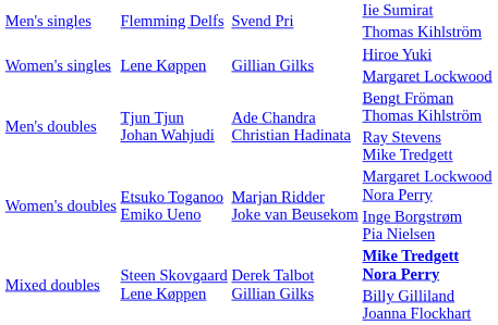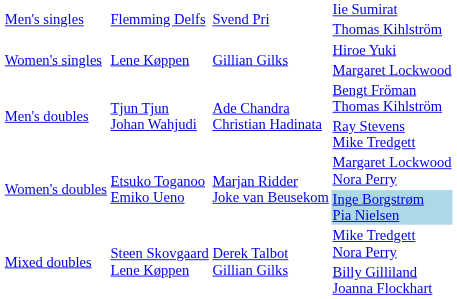 <table>
 <tr>
 <td rowspan="2"><a href='#'>Men's singles</a></td>
 <td rowspan="2"> <a href='#'>Flemming Delfs</a></td>
 <td rowspan="2"> <a href='#'>Svend Pri</a></td>
 <td> <a href='#'>Iie Sumirat</a></td>
 </tr>
 <tr>
 <td> <a href='#'>Thomas Kihlström</a></td>
 </tr>
 <tr>
 <td rowspan="2"><a href='#'>Women's singles</a></td>
 <td rowspan="2"> <a href='#'>Lene Køppen</a></td>
 <td rowspan="2"> <a href='#'>Gillian Gilks</a></td>
 <td> <a href='#'>Hiroe Yuki</a></td>
 </tr>
 <tr>
 <td> <a href='#'>Margaret Lockwood</a></td>
 </tr>
 <tr>
 <td rowspan="2"><a href='#'>Men's doubles</a></td>
 <td rowspan="2"> <a href='#'>Tjun Tjun</a><br> <a href='#'>Johan Wahjudi</a></td>
 <td rowspan="2"> <a href='#'>Ade Chandra</a><br> <a href='#'>Christian Hadinata</a></td>
 <td> <a href='#'>Bengt Fröman</a><br> <a href='#'>Thomas Kihlström</a></td>
 </tr>
 <tr>
 <td> <a href='#'>Ray Stevens</a><br> <a href='#'>Mike Tredgett</a></td>
 </tr>
 <tr>
 <td rowspan="2"><a href='#'>Women's doubles</a></td>
 <td rowspan="2"> <a href='#'>Etsuko Toganoo</a><br> <a href='#'>Emiko Ueno</a></td>
 <td rowspan="2"> <a href='#'>Marjan Ridder</a><br> <a href='#'>Joke van Beusekom</a></td>
 <td> <a href='#'>Margaret Lockwood</a><br> <a href='#'>Nora Perry</a></td>
 </tr>
 <tr>
-<td> <a href='#'>Inge Borgstrøm</a><br> <a href='#'>Pia Nielsen</a></td>
+<td style="background: lightblue;"> <a href='#'>Inge Borgstrøm</a><br> <a href='#'>Pia Nielsen</a></td>
 </tr>
 <tr>
 <td rowspan="2"><a href='#'>Mixed doubles</a></td>
 <td rowspan="2"> <a href='#'>Steen Skovgaard</a><br> <a href='#'>Lene Køppen</a></td>
 <td rowspan="2"> <a href='#'>Derek Talbot</a><br> <a href='#'>Gillian Gilks</a></td>
-<td><strong> <a href='#'>Mike Tredgett</a><br> <a href='#'>Nora Perry</a></strong></td>
+<td> <a href='#'>Mike Tredgett</a><br> <a href='#'>Nora Perry</a></td>
 </tr>
 <tr>
 <td> <a href='#'>Billy Gilliland</a><br> <a href='#'>Joanna Flockhart</a></td>
 </tr>
 </table>
